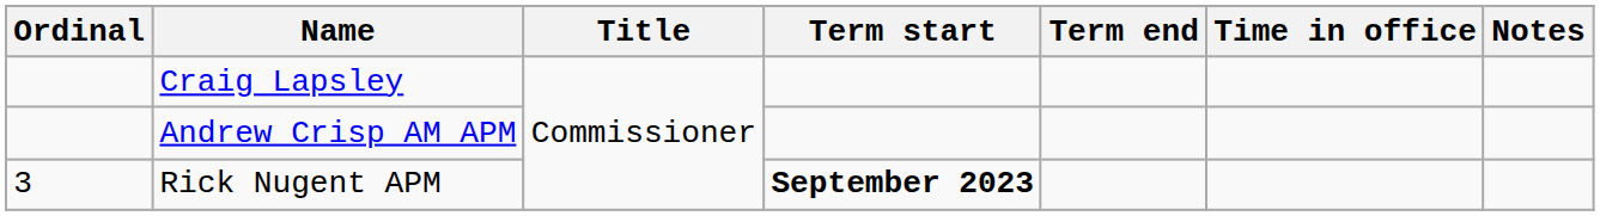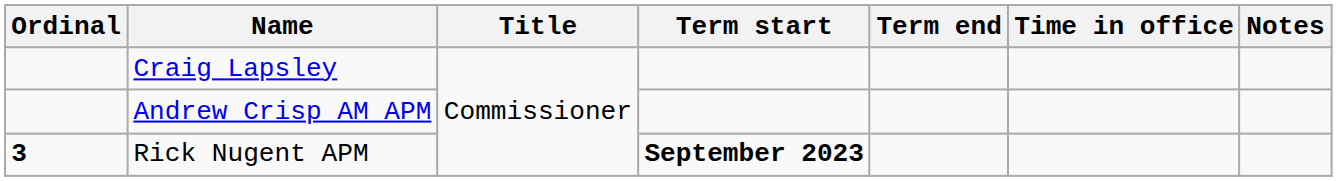 <table class="wikitable sortable">
 <tr>
 <th scope="col">Ordinal</th>
 <th scope="col">Name</th>
 <th scope="col">Title</th>
 <th scope="col">Term start</th>
 <th scope="col">Term end</th>
 <th scope="col">Time in office</th>
 <th scope="col">Notes</th>
 </tr>
 <tr>
 <td align=center></td>
 <td><a href='#'>Craig Lapsley</a></td>
 <td rowspan="3">Commissioner</td>
 <td align=center></td>
 <td align=center></td>
 <td align=right></td>
 <td></td>
 </tr>
 <tr>
 <td align=center></td>
 <td><a href='#'>Andrew Crisp AM APM</a></td>
 <td align="center"></td>
 <td align=center></td>
 <td align=right></td>
 <td></td>
 </tr>
 <tr>
-<td>3</td>
+<td><strong>3</strong></td>
 <td>Rick Nugent APM</td>
 <td><strong>September 2023</strong></td>
 <td></td>
 <td></td>
 <td></td>
 </tr>
 </table>
